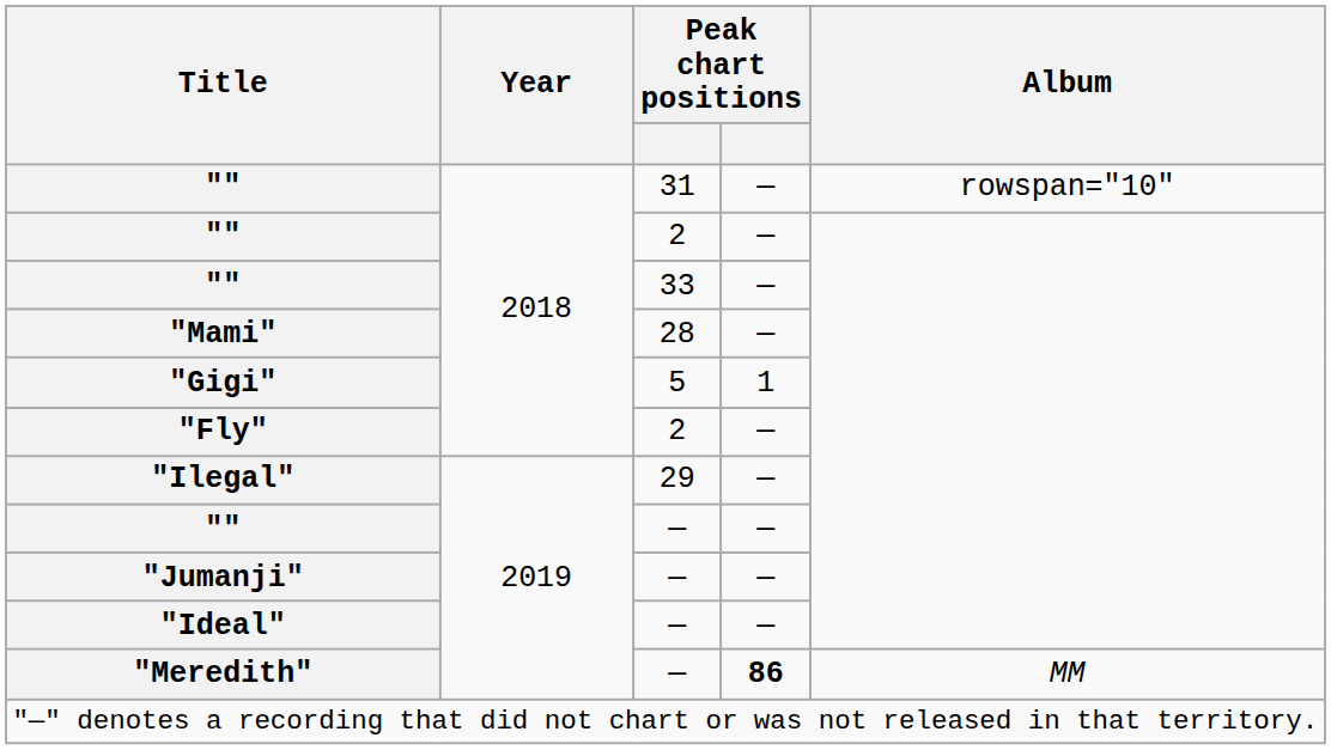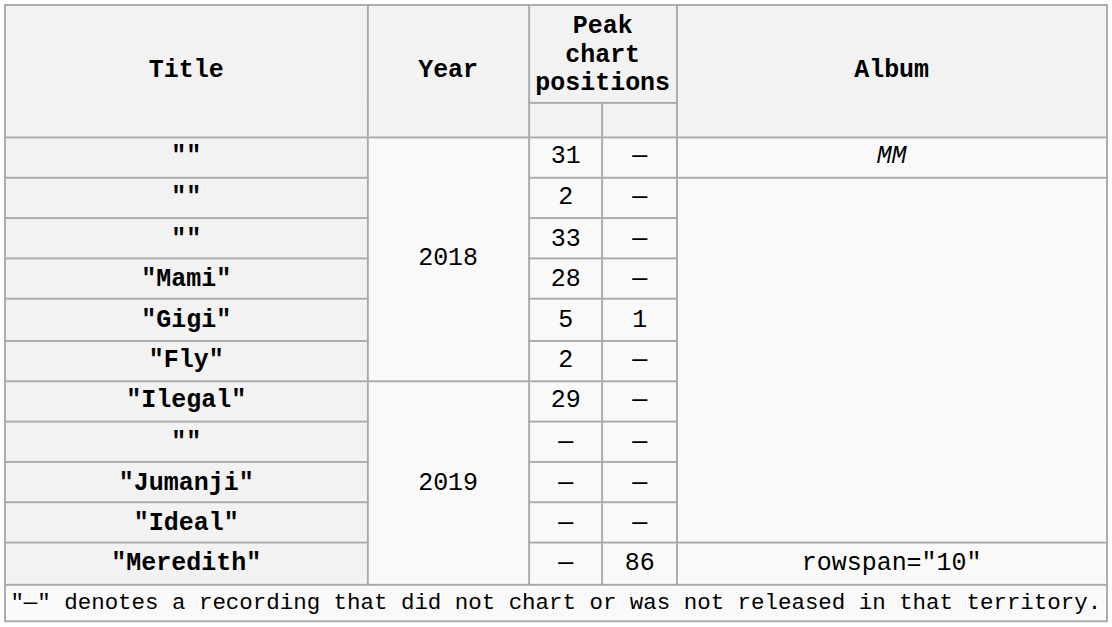 <table class="wikitable plainrowheaders" style="text-align:center;">
 <tr>
 <th scope="col" rowspan="2">Title</th>
 <th scope="col" rowspan="2">Year</th>
 <th scope="col" colspan="2">Peak<br>chart<br>positions</th>
 <th scope="col" rowspan="2">Album</th>
 </tr>
 <tr>
 <th style="width:3em; font-size:85%;"><a href='#'></a><br></th>
 <th style="width:3em; font-size:85%;"><a href='#'></a><br></th>
 </tr>
 <tr>
 <th scope="row">""</th>
 <td rowspan="6">2018</td>
 <td>31</td>
 <td>—</td>
-<td>rowspan="10" </td>
+<td rowspan="1"><em>MM</em></td>
 </tr>
 <tr>
 <th scope="row">""<br></th>
 <td>2</td>
 <td>—</td>
 </tr>
 <tr>
 <th scope="row">""</th>
 <td>33</td>
 <td>—</td>
 </tr>
 <tr>
 <th scope="row">"Mami"</th>
 <td>28</td>
 <td>—</td>
 </tr>
 <tr>
 <th scope="row">"Gigi"<br></th>
 <td>5</td>
 <td>1</td>
 </tr>
 <tr>
 <th scope="row">"Fly"<br></th>
 <td>2</td>
 <td>—</td>
 </tr>
 <tr>
 <th scope="row">"Ilegal"</th>
 <td rowspan="5">2019</td>
 <td>29</td>
 <td>—</td>
 </tr>
 <tr>
 <th scope="row">""<br></th>
 <td>—</td>
 <td>—</td>
 </tr>
 <tr>
 <th scope="row">"Jumanji"<br></th>
 <td>—</td>
 <td>—</td>
 </tr>
 <tr>
 <th scope="row">"Ideal"<br></th>
 <td>—</td>
 <td>—</td>
 </tr>
 <tr>
 <th scope="row">"Meredith"<br></th>
 <td>—</td>
-<td><strong>86</strong></td>
-<td rowspan="1"><em>MM</em></td>
+<td>86</td>
+<td>rowspan="10" </td>
 </tr>
 <tr>
 <td colspan="5" style="font-size:90%">"—" denotes a recording that did not chart or was not released in that territory.</td>
 </tr>
 </table>
